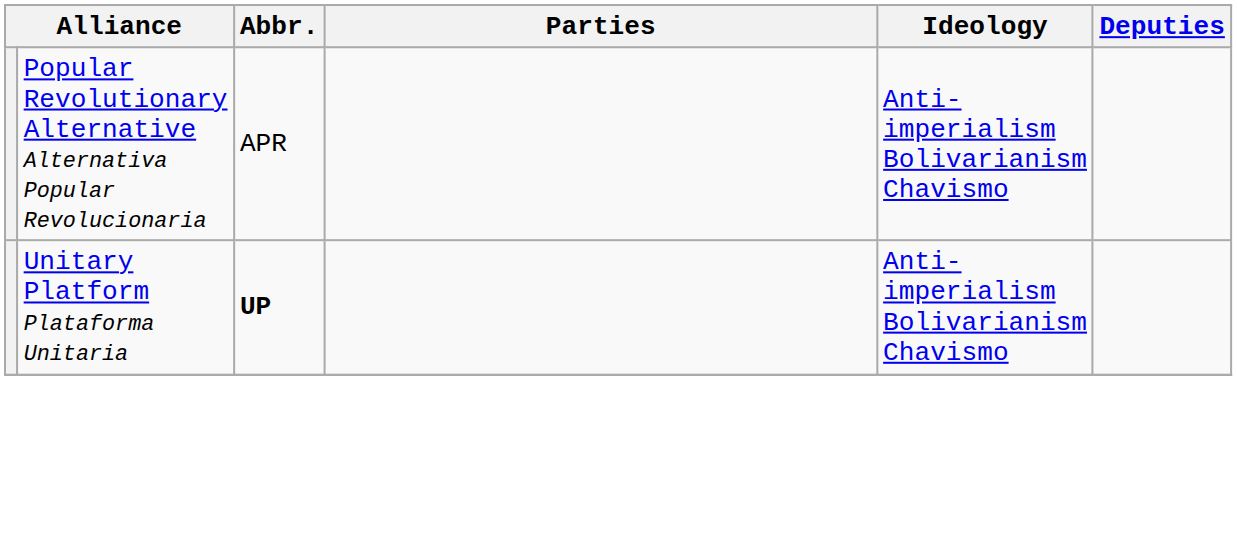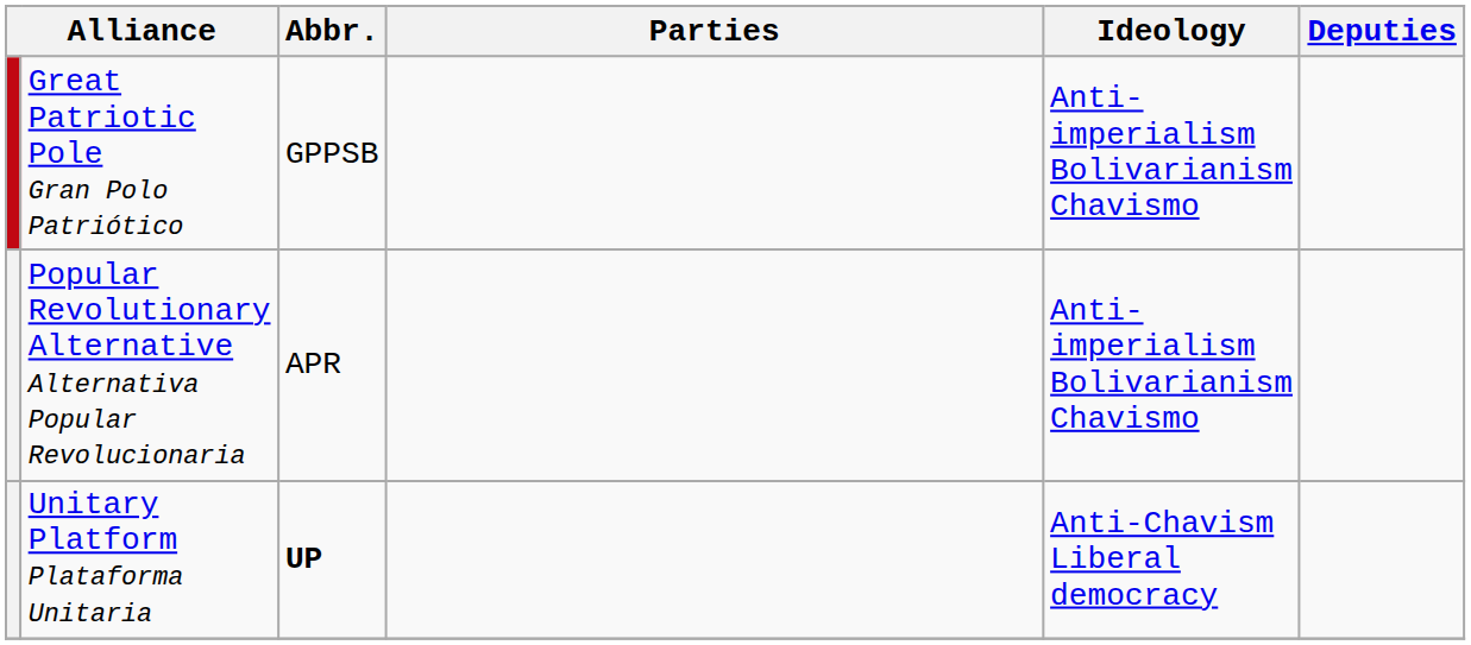 <table class="wikitable sortable">
 <tr>
 <th colspan=2>Alliance</th>
 <th>Abbr.</th>
 <th width=280em>Parties</th>
 <th>Ideology</th>
 <th><a href='#'>Deputies</a></th>
+</tr>
+<tr>
+<th style="background-color:#C10712"></th>
+<td><a href='#'>Great Patriotic Pole</a><br><small><em>Gran Polo Patriótico</em></small></td>
+<td>GPPSB</td>
+<td></td>
+<td><a href='#'>Anti-imperialism</a><br><a href='#'>Bolivarianism</a><br><a href='#'>Chavismo</a></td>
+<td></td>
 </tr>
 <tr>
 <th style="background-color: "></th>
 <td><a href='#'>Popular Revolutionary Alternative</a><br><small><em>Alternativa Popular Revolucionaria</em></small></td>
 <td>APR</td>
 <td></td>
 <td><a href='#'>Anti-imperialism</a><br><a href='#'>Bolivarianism</a><br><a href='#'>Chavismo</a></td>
 <td></td>
 </tr>
 <tr>
 <th style="background-color: "></th>
 <td><a href='#'>Unitary Platform</a><br><small><em>Plataforma Unitaria</em></small></td>
 <td><strong>UP</strong></td>
 <td></td>
-<td><a href='#'>Anti-imperialism</a><br><a href='#'>Bolivarianism</a><br><a href='#'>Chavismo</a></td>
+<td><a href='#'>Anti-Chavism</a><br><a href='#'>Liberal democracy</a></td>
 <td></td>
 </tr>
 <tr>
 </tr>
 </table>
